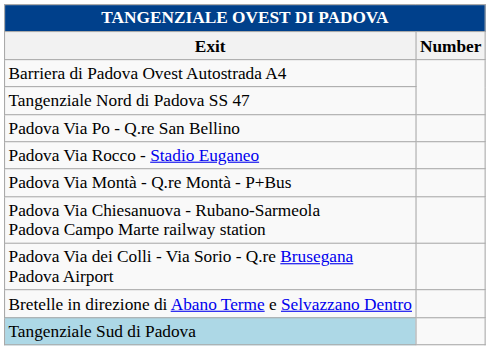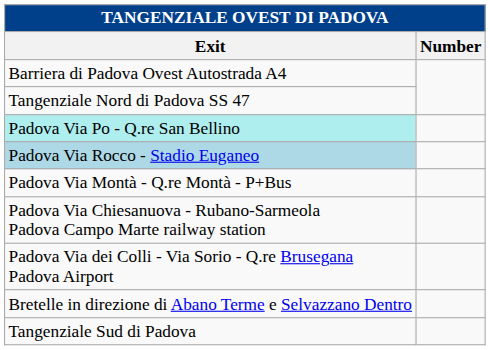 <table class="wikitable" border="1">
 <tr>
 </tr>
 <tr align="center" bgcolor="00408B" style="color: white;font-size:100%;">
 <td colspan="4"><strong>TANGENZIALE OVEST DI PADOVA</strong></td>
 </tr>
 <tr>
 <th align="center"><strong>Exit</strong></th>
 <th align="center"><strong>Number</strong></th>
 </tr>
 <tr>
 <td>Barriera di Padova Ovest Autostrada A4 <em></td>
 </tr>
 <tr>
 <td> Tangenziale Nord di Padova SS 47</td>
 </tr>
 <tr>
-<td>Padova Via Po - Q.re San Bellino</td>
+<td style="background: paleturquoise;">Padova Via Po - Q.re San Bellino</td>
 <td></td>
 </tr>
 <tr>
-<td> Padova Via Rocco - </em><a href='#'>Stadio Euganeo</a><em> </td>
+<td style="background: lightblue;"> Padova Via Rocco - </em><a href='#'>Stadio Euganeo</a><em> </td>
 <td></td>
 </tr>
 <tr>
 <td> Padova Via Montà - Q.re Montà - P+Bus</td>
 <td></td>
 </tr>
 <tr>
 <td>Padova Via Chiesanuova - Rubano-Sarmeola <br> Padova Campo Marte railway station</td>
 <td></td>
 </tr>
 <tr>
 <td>Padova Via dei Colli - Via Sorio - Q.re <a href='#'>Brusegana</a> <br> Padova Airport </td>
 <td></td>
 </tr>
 <tr>
 <td>Bretelle in direzione di <a href='#'>Abano Terme</a> e <a href='#'>Selvazzano Dentro</a></td>
 <td></td>
 </tr>
 <tr>
-<td style="background: lightblue;">Tangenziale Sud di Padova</td>
+<td>Tangenziale Sud di Padova</td>
 </tr>
 </table>
